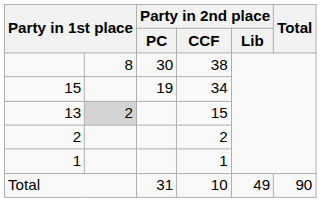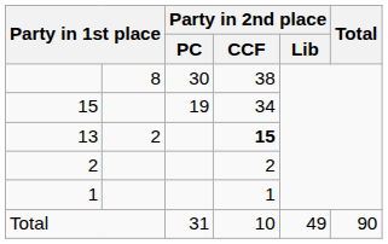 <table class="wikitable" style="text-align:right;">
 <tr>
 <th rowspan="2" colspan="2" style="text-align:left;">Party in 1st place</th>
 <th colspan="3">Party in 2nd place</th>
 <th rowspan="2">Total</th>
 </tr>
 <tr>
 <th>PC</th>
 <th>CCF</th>
 <th>Lib</th>
 </tr>
 <tr>
 <td></td>
 <td>8</td>
 <td>30</td>
 <td>38</td>
 </tr>
 <tr>
 <td>15</td>
 <td></td>
 <td>19</td>
 <td>34</td>
 </tr>
 <tr>
 <td>13</td>
-<td style="background: lightgrey;">2</td>
+<td>2</td>
 <td></td>
-<td>15</td>
+<td><strong>15</strong></td>
 </tr>
 <tr>
 <td>2</td>
 <td></td>
 <td></td>
 <td>2</td>
 </tr>
 <tr>
 <td>1</td>
 <td></td>
 <td></td>
 <td>1</td>
 </tr>
 <tr>
 <td colspan="2" style="text-align:left;">Total</td>
 <td>31</td>
 <td>10</td>
 <td>49</td>
 <td>90</td>
 </tr>
 </table>
